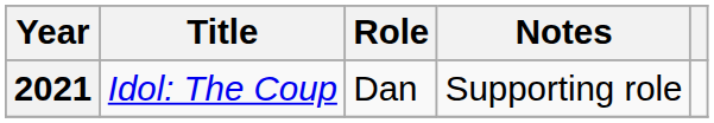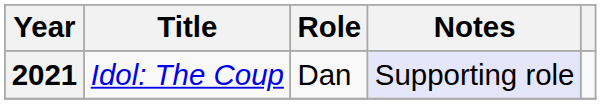 <table class="wikitable plainrowheaders">
 <tr>
 <th scope="col">Year</th>
 <th scope="col">Title</th>
 <th scope="col">Role</th>
 <th scope="col">Notes</th>
 <th scope="col" class="unsortable"></th>
 </tr>
 <tr>
 <th scope="row">2021</th>
 <td><em><a href='#'>Idol: The Coup</a></em></td>
 <td>Dan</td>
-<td>Supporting role</td>
+<td style="background: lavender;">Supporting role</td>
 <td></td>
 </tr>
 <tr>
 </tr>
 </table>
